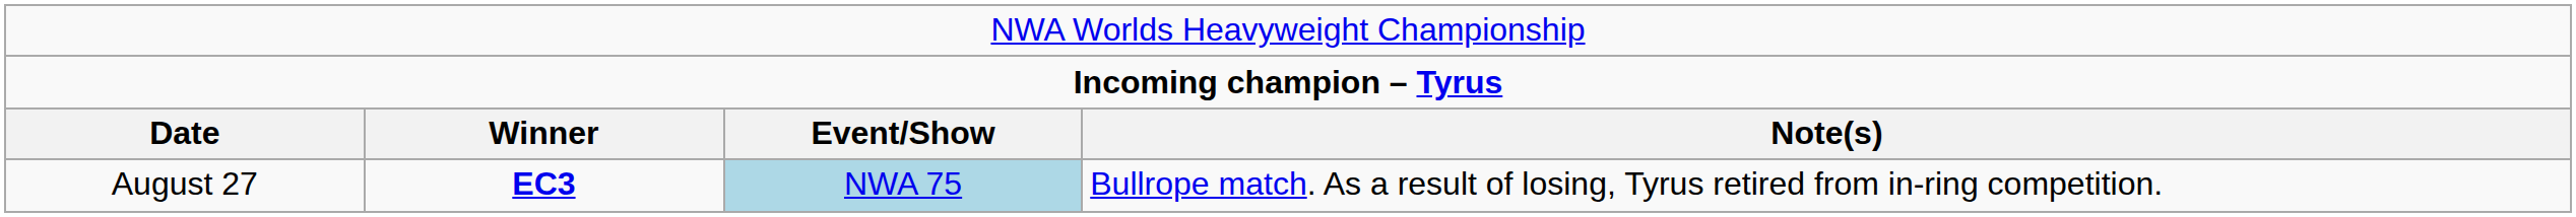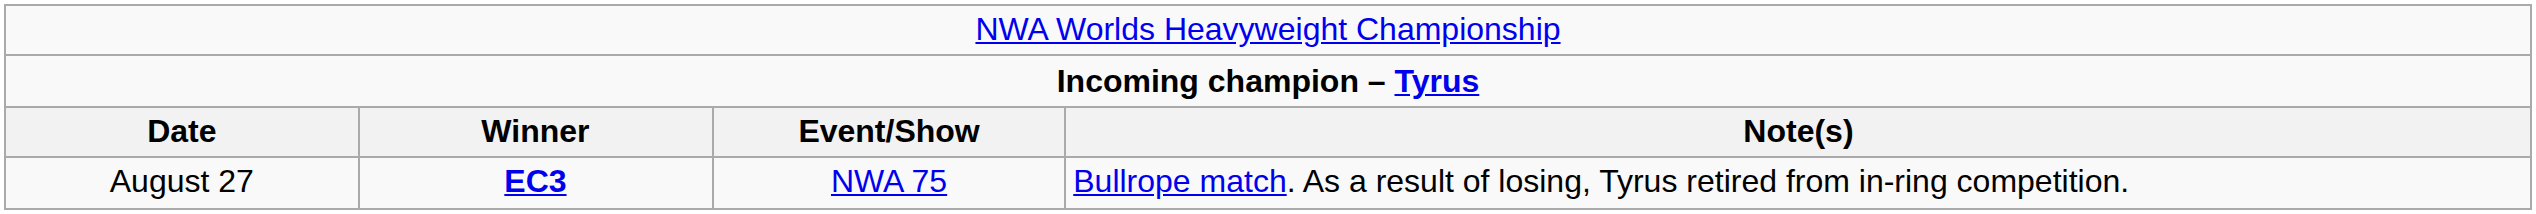 <table class="wikitable" style="text-align:center; width:100%;">
 <tr>
 <td colspan="5" style="text-align: center;"><a href='#'>NWA Worlds Heavyweight Championship</a></td>
 </tr>
 <tr>
 <td colspan="5" style="text-align: center;"><strong>Incoming champion – <a href='#'>Tyrus</a></strong></td>
 </tr>
 <tr>
 <th width=14%>Date</th>
 <th width=14%>Winner</th>
 <th width=14%>Event/Show</th>
 <th width=58%>Note(s)</th>
 </tr>
 <tr>
 <td>August 27</td>
 <td><strong><a href='#'>EC3</a></strong></td>
-<td style="background: lightblue;"><a href='#'>NWA 75</a><br></td>
+<td><a href='#'>NWA 75</a><br></td>
 <td align=left><a href='#'>Bullrope match</a>. As a result of losing, Tyrus retired from in-ring competition.</td>
 </tr>
 </table>
